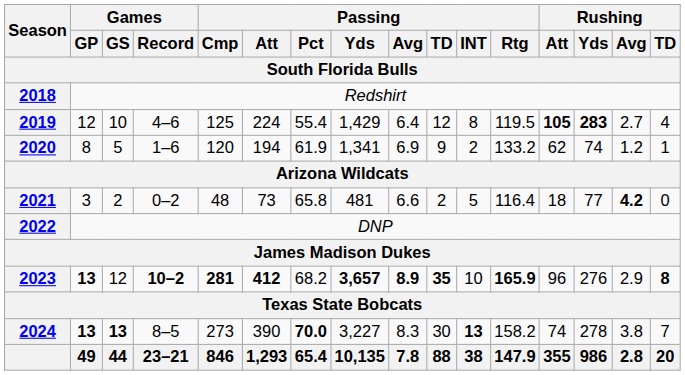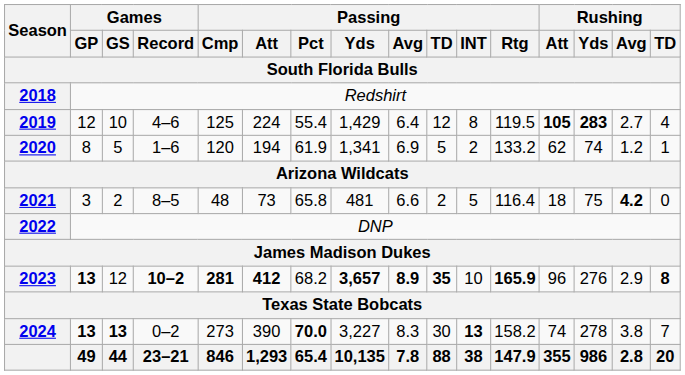 <table class="wikitable" style="text-align:center;">
 <tr>
 <th rowspan="2">Season</th>
 <th colspan="3">Games</th>
 <th colspan="8">Passing</th>
 <th colspan="4">Rushing</th>
 </tr>
 <tr>
 <th>GP</th>
 <th>GS</th>
 <th>Record</th>
 <th>Cmp</th>
 <th>Att</th>
 <th>Pct</th>
 <th>Yds</th>
 <th>Avg</th>
 <th>TD</th>
 <th>INT</th>
 <th>Rtg</th>
 <th>Att</th>
 <th>Yds</th>
 <th>Avg</th>
 <th>TD</th>
 </tr>
 <tr>
 <th colspan="16">South Florida Bulls</th>
 </tr>
 <tr>
 <th><a href='#'>2018</a></th>
 <td colspan="16"><em>Redshirt </em></td>
 </tr>
 <tr>
 <th><a href='#'>2019</a></th>
 <td>12</td>
 <td>10</td>
 <td>4–6</td>
 <td>125</td>
 <td>224</td>
 <td>55.4</td>
 <td>1,429</td>
 <td>6.4</td>
 <td>12</td>
 <td>8</td>
 <td>119.5</td>
 <td><strong>105</strong></td>
 <td><strong>283</strong></td>
 <td>2.7</td>
 <td>4</td>
 </tr>
 <tr>
 <th><a href='#'>2020</a></th>
 <td>8</td>
 <td>5</td>
 <td>1–6</td>
 <td>120</td>
 <td>194</td>
 <td>61.9</td>
 <td>1,341</td>
 <td>6.9</td>
-<td>9</td>
+<td>5</td>
 <td>2</td>
 <td>133.2</td>
 <td>62</td>
 <td>74</td>
 <td>1.2</td>
 <td>1</td>
 </tr>
 <tr>
 <th colspan="16">Arizona Wildcats</th>
 </tr>
 <tr>
 <th><a href='#'>2021</a></th>
 <td>3</td>
 <td>2</td>
-<td>0–2</td>
+<td>8–5</td>
 <td>48</td>
 <td>73</td>
 <td>65.8</td>
 <td>481</td>
 <td>6.6</td>
 <td>2</td>
 <td>5</td>
 <td>116.4</td>
 <td>18</td>
-<td>77</td>
+<td>75</td>
 <td><strong>4.2</strong></td>
 <td>0</td>
 </tr>
 <tr>
 <th><a href='#'>2022</a></th>
 <td colspan="16"><em>DNP</em></td>
 </tr>
 <tr>
 <th colspan="16">James Madison Dukes</th>
 </tr>
 <tr>
 <th><a href='#'>2023</a></th>
 <td><strong>13</strong></td>
 <td>12</td>
 <td><strong>10–2</strong></td>
 <td><strong>281</strong></td>
 <td><strong>412</strong></td>
 <td>68.2</td>
 <td><strong>3,657</strong></td>
 <td><strong>8.9</strong></td>
 <td><strong>35</strong></td>
 <td>10</td>
 <td><strong>165.9</strong></td>
 <td>96</td>
 <td>276</td>
 <td>2.9</td>
 <td><strong>8</strong></td>
 </tr>
 <tr>
 <th colspan="16">Texas State Bobcats</th>
 </tr>
 <tr>
 <th><a href='#'>2024</a></th>
 <td><strong>13</strong></td>
 <td><strong>13</strong></td>
-<td>8–5</td>
+<td>0–2</td>
 <td>273</td>
 <td>390</td>
 <td><strong>70.0</strong></td>
 <td>3,227</td>
 <td>8.3</td>
 <td>30</td>
 <td><strong>13</strong></td>
 <td>158.2</td>
 <td>74</td>
 <td>278</td>
 <td>3.8</td>
 <td>7</td>
 </tr>
 <tr>
 <th></th>
 <th>49</th>
 <th>44</th>
 <th>23–21</th>
 <th>846</th>
 <th>1,293</th>
 <th>65.4</th>
 <th>10,135</th>
 <th>7.8</th>
 <th>88</th>
 <th>38</th>
 <th>147.9</th>
 <th>355</th>
 <th>986</th>
 <th>2.8</th>
 <th>20</th>
 </tr>
 </table>
